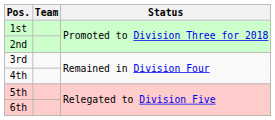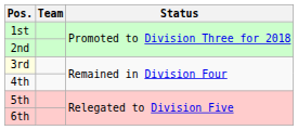 <table class="wikitable">
 <tr>
 <th>Pos.</th>
 <th>Team</th>
 <th>Status</th>
 </tr>
 <tr style="background:#cfc">
 <td align="center">1st</td>
 <td></td>
 <td rowspan=2>Promoted to <a href='#'>Division Three for 2018</a></td>
 </tr>
 <tr style="background:#cfc">
 <td align="center">2nd</td>
 <td></td>
 </tr>
 <tr>
-<td align="center">3rd</td>
+<td align="center" style="background: lightyellow;">3rd</td>
 <td></td>
 <td rowspan=2>Remained in <a href='#'>Division Four</a></td>
 </tr>
 <tr>
 <td align="center">4th</td>
 <td></td>
 </tr>
 <tr style="background:#fcc">
 <td align="center">5th</td>
 <td></td>
 <td rowspan=2>Relegated to <a href='#'>Division Five</a></td>
 </tr>
 <tr style="background:#fcc">
 <td align="center">6th</td>
 <td></td>
 </tr>
 </table>
